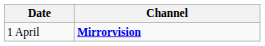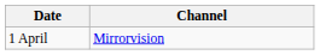 <table class="wikitable">
 <tr>
 <th width=90>Date</th>
 <th width=250>Channel</th>
 </tr>
 <tr>
 <td>1 April</td>
-<td><strong><a href='#'>Mirrorvision</a></strong></td>
+<td><a href='#'>Mirrorvision</a></td>
 </tr>
 </table>
